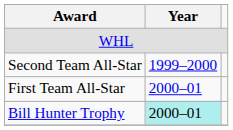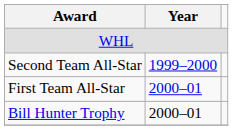 <table class="wikitable">
 <tr>
 <th>Award</th>
 <th>Year</th>
 </tr>
 <tr ALIGN="center" bgcolor="#e0e0e0">
 <td colspan="3"><a href='#'>WHL</a></td>
 </tr>
 <tr>
 <td>Second Team All-Star</td>
 <td><a href='#'>1999–2000</a></td>
 <td></td>
 </tr>
 <tr>
 <td>First Team All-Star</td>
 <td><a href='#'>2000–01</a></td>
 <td></td>
 </tr>
 <tr>
 <td><a href='#'>Bill Hunter Trophy</a></td>
-<td style="background: paleturquoise;">2000–01</td>
+<td>2000–01</td>
 <td></td>
 </tr>
 <tr>
 </tr>
 </table>
